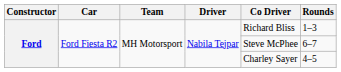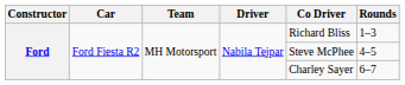 <table class=wikitable style="font-size:85%">
 <tr>
 <th>Constructor</th>
 <th>Car</th>
 <th>Team</th>
 <th>Driver</th>
 <th>Co Driver</th>
 <th>Rounds</th>
 </tr>
 <tr>
 <th rowspan="3"><a href='#'>Ford</a></th>
 <td rowspan="3"><a href='#'>Ford Fiesta R2</a></td>
 <td rowspan="3"> MH Motorsport</td>
 <td rowspan="3"> <a href='#'>Nabila Tejpar</a></td>
 <td> Richard Bliss</td>
 <td>1–3</td>
 </tr>
 <tr>
 <td> Steve McPhee</td>
-<td>6–7</td>
+<td>4–5</td>
 </tr>
 <tr>
 <td> Charley Sayer</td>
-<td>4–5</td>
+<td>6–7</td>
 </tr>
 </table>
